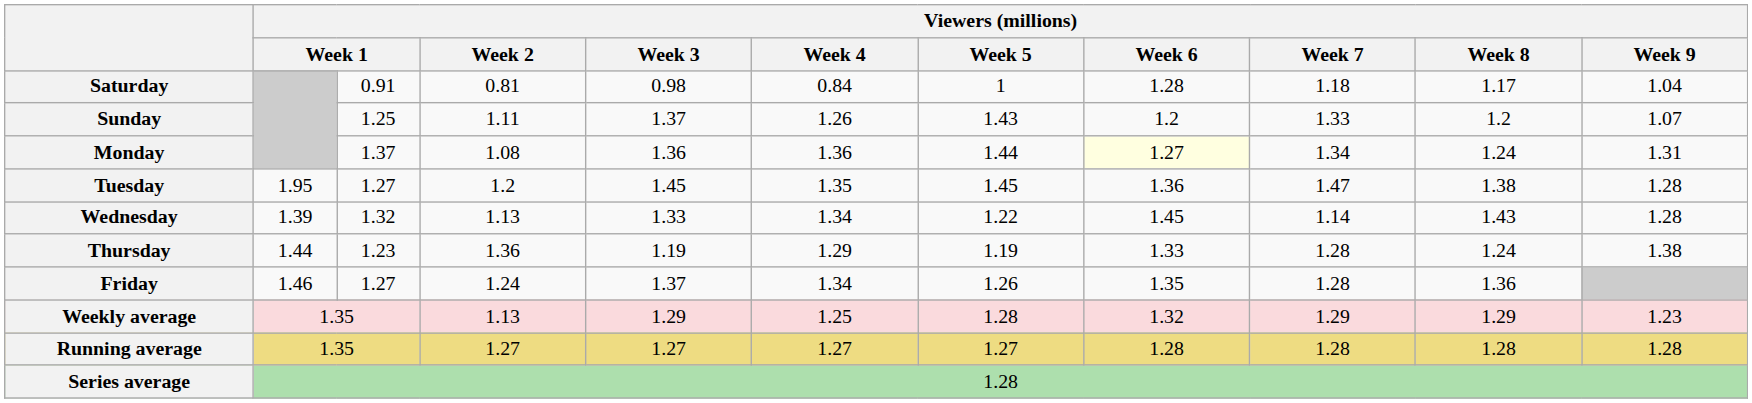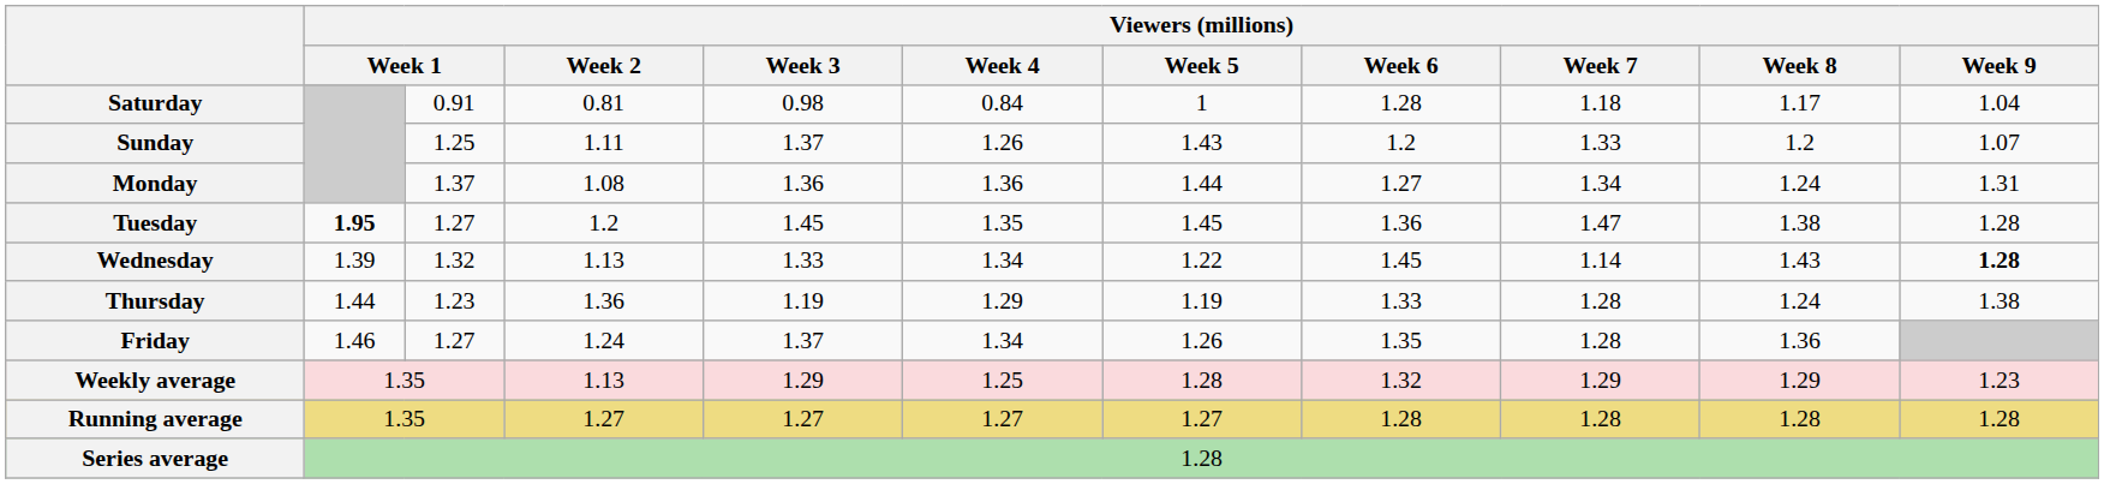 <table class="wikitable" style="font-size:90%; text-align:center; width: 100%; margin-left: auto; margin-right: auto;">
 <tr>
 <th scope="col" rowspan="2" style="width:12%;"></th>
 <th scope=col colspan=13>Viewers (millions)</th>
 </tr>
 <tr>
 <th colspan="2"style="width:8%;">Week 1</th>
 <th style="width:8%;">Week 2</th>
 <th style="width:8%;">Week 3</th>
 <th style="width:8%;">Week 4</th>
 <th style="width:8%;">Week 5</th>
 <th style="width:8%;">Week 6</th>
 <th style="width:8%;">Week 7</th>
 <th style="width:8%;">Week 8</th>
 <th style="width:8%;">Week 9</th>
 </tr>
 <tr>
 <th>Saturday</th>
 <td style="background:#ccc;" rowspan="3"></td>
 <td>0.91</td>
 <td>0.81</td>
 <td>0.98</td>
 <td>0.84</td>
 <td>1</td>
 <td>1.28</td>
 <td>1.18</td>
 <td>1.17</td>
 <td>1.04</td>
 </tr>
 <tr>
 <th>Sunday</th>
 <td>1.25</td>
 <td>1.11</td>
 <td>1.37</td>
 <td>1.26</td>
 <td>1.43</td>
 <td>1.2</td>
 <td>1.33</td>
 <td>1.2</td>
 <td>1.07</td>
 </tr>
 <tr>
 <th>Monday</th>
 <td>1.37</td>
 <td>1.08</td>
 <td>1.36</td>
 <td>1.36</td>
 <td>1.44</td>
-<td style="background: lightyellow;">1.27</td>
+<td>1.27</td>
 <td>1.34</td>
 <td>1.24</td>
 <td>1.31</td>
 </tr>
 <tr>
 <th>Tuesday</th>
-<td>1.95</td>
+<td><strong>1.95</strong></td>
 <td>1.27</td>
 <td>1.2</td>
 <td>1.45</td>
 <td>1.35</td>
 <td>1.45</td>
 <td>1.36</td>
 <td>1.47</td>
 <td>1.38</td>
 <td>1.28</td>
 </tr>
 <tr>
 <th>Wednesday</th>
 <td>1.39</td>
 <td>1.32</td>
 <td>1.13</td>
 <td>1.33</td>
 <td>1.34</td>
 <td>1.22</td>
 <td>1.45</td>
 <td>1.14</td>
 <td>1.43</td>
-<td>1.28</td>
+<td><strong>1.28</strong></td>
 </tr>
 <tr>
 <th>Thursday</th>
 <td>1.44</td>
 <td>1.23</td>
 <td>1.36</td>
 <td>1.19</td>
 <td>1.29</td>
 <td>1.19</td>
 <td>1.33</td>
 <td>1.28</td>
 <td>1.24</td>
 <td>1.38</td>
 </tr>
 <tr>
 <th>Friday</th>
 <td>1.46</td>
 <td>1.27</td>
 <td>1.24</td>
 <td>1.37</td>
 <td>1.34</td>
 <td>1.26</td>
 <td>1.35</td>
 <td>1.28</td>
 <td>1.36</td>
 <td style="background:#ccc;"></td>
 </tr>
 <tr style="background:#FADADD;" |>
 <th>Weekly average</th>
 <td colspan="2">1.35</td>
 <td>1.13</td>
 <td>1.29</td>
 <td>1.25</td>
 <td>1.28</td>
 <td>1.32</td>
 <td>1.29</td>
 <td>1.29</td>
 <td>1.23</td>
 </tr>
 <tr style="background:#EEDC82;" |>
 <th>Running average</th>
 <td colspan="2">1.35</td>
 <td>1.27</td>
 <td>1.27</td>
 <td>1.27</td>
 <td>1.27</td>
 <td>1.28</td>
 <td>1.28</td>
 <td>1.28</td>
 <td>1.28</td>
 </tr>
 <tr style="background:#ADDFAD;" |>
 <th>Series average</th>
 <td colspan="11">1.28</td>
 </tr>
 </table>
